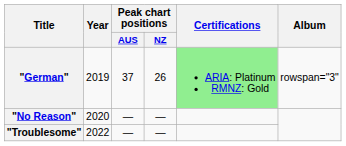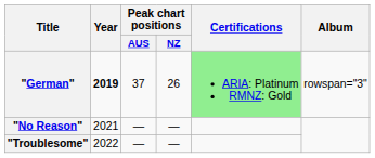 <table class="wikitable plainrowheaders" style="text-align:center;">
 <tr>
 <th scope="col" rowspan="2">Title</th>
 <th scope="col" rowspan="2">Year</th>
 <th scope="col" colspan="2">Peak chart positions</th>
 <th scope="col" rowspan="2"><a href='#'>Certifications</a></th>
 <th scope="col" rowspan="2">Album</th>
 </tr>
 <tr>
 <th scope="col" style="width:3em;font-size:90%;"><a href='#'>AUS</a><br></th>
 <th scope="col" style="width:3em;font-size:90%;"><a href='#'>NZ</a><br></th>
 </tr>
 <tr>
 <th scope="row">"<a href='#'>German</a>"</th>
-<td>2019</td>
+<td><strong>2019</strong></td>
 <td>37</td>
 <td>26</td>
 <td style="background: lightgreen;"><br><ul><li><a href='#'>ARIA</a>: Platinum</li><li><a href='#'>RMNZ</a>: Gold</li></ul></td>
 <td>rowspan="3" </td>
 </tr>
 <tr>
 <th scope="row">"<a href='#'>No Reason</a>"</th>
-<td rowspan="1">2020</td>
+<td rowspan="1">2021</td>
 <td>—</td>
 <td>—</td>
 <td></td>
 </tr>
 <tr>
 <th scope="row">"Troublesome"<br></th>
 <td rowspan="1">2022</td>
 <td>—</td>
 <td>—</td>
 <td></td>
 </tr>
 </table>
